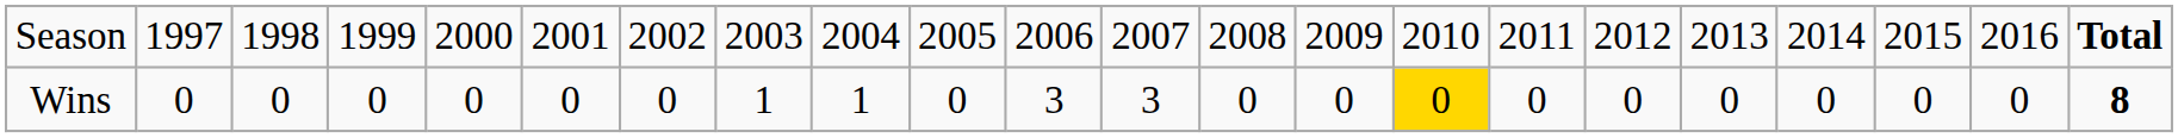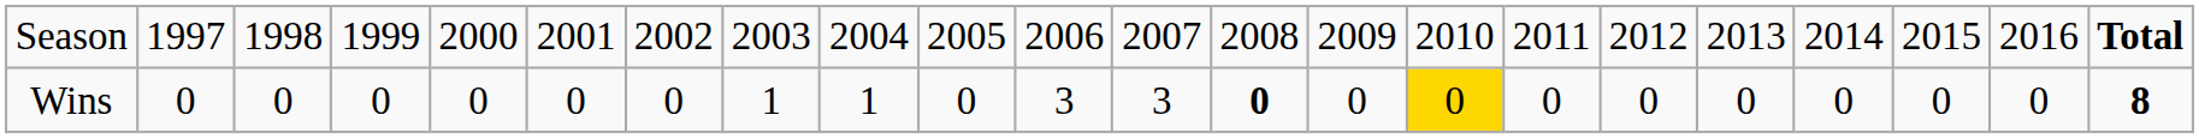 <table class="wikitable sortable">
 <tr>
 <td>Season</td>
 <td>1997</td>
 <td>1998</td>
 <td>1999</td>
 <td>2000</td>
 <td>2001</td>
 <td>2002</td>
 <td>2003</td>
 <td>2004</td>
 <td>2005</td>
 <td>2006</td>
 <td>2007</td>
 <td>2008</td>
 <td>2009</td>
 <td>2010</td>
 <td>2011</td>
 <td>2012</td>
 <td>2013</td>
 <td>2014</td>
 <td>2015</td>
 <td>2016</td>
 <td><strong>Total</strong></td>
 </tr>
 <tr align=center>
 <td>Wins</td>
 <td>0</td>
 <td>0</td>
 <td>0</td>
 <td>0</td>
 <td>0</td>
 <td>0</td>
 <td>1</td>
 <td>1</td>
 <td>0</td>
 <td>3</td>
 <td>3</td>
-<td>0</td>
+<td><strong>0</strong></td>
 <td>0</td>
 <td style="background: gold;">0</td>
 <td>0</td>
 <td>0</td>
 <td>0</td>
 <td>0</td>
 <td>0</td>
 <td>0</td>
 <td><strong>8</strong></td>
 </tr>
 </table>
